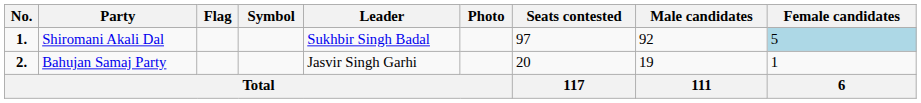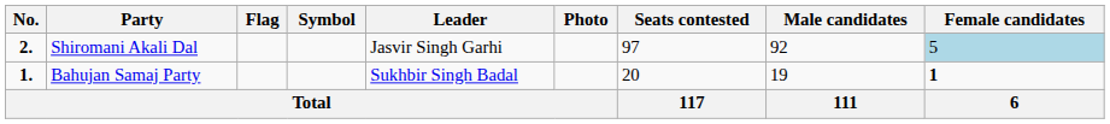 <table class="wikitable" width="50%">
 <tr>
 <th>No.</th>
 <th>Party</th>
 <th>Flag</th>
 <th>Symbol</th>
 <th>Leader</th>
 <th>Photo</th>
 <th>Seats contested</th>
 <th>Male candidates</th>
 <th>Female candidates</th>
 </tr>
 <tr>
-<td style="text-align:center; background:"><strong>1.</strong></td>
+<td style="text-align:center; background:"><strong>2.</strong></td>
 <td><a href='#'>Shiromani Akali Dal</a></td>
 <td></td>
 <td></td>
-<td><a href='#'>Sukhbir Singh Badal</a></td>
+<td>Jasvir Singh Garhi</td>
 <td></td>
 <td>97</td>
 <td>92</td>
 <td style="background: lightblue;">5</td>
 </tr>
 <tr>
-<td style="text-align:center; background:"><strong>2.</strong></td>
+<td style="text-align:center; background:"><strong>1.</strong></td>
 <td><a href='#'>Bahujan Samaj Party</a></td>
 <td></td>
 <td></td>
-<td>Jasvir Singh Garhi</td>
+<td><a href='#'>Sukhbir Singh Badal</a></td>
 <td></td>
 <td>20</td>
 <td>19</td>
-<td>1</td>
+<td><strong>1</strong></td>
 </tr>
 <tr>
 <th colspan=6>Total</th>
 <th>117</th>
 <th>111</th>
 <th>6</th>
 </tr>
 </table>
